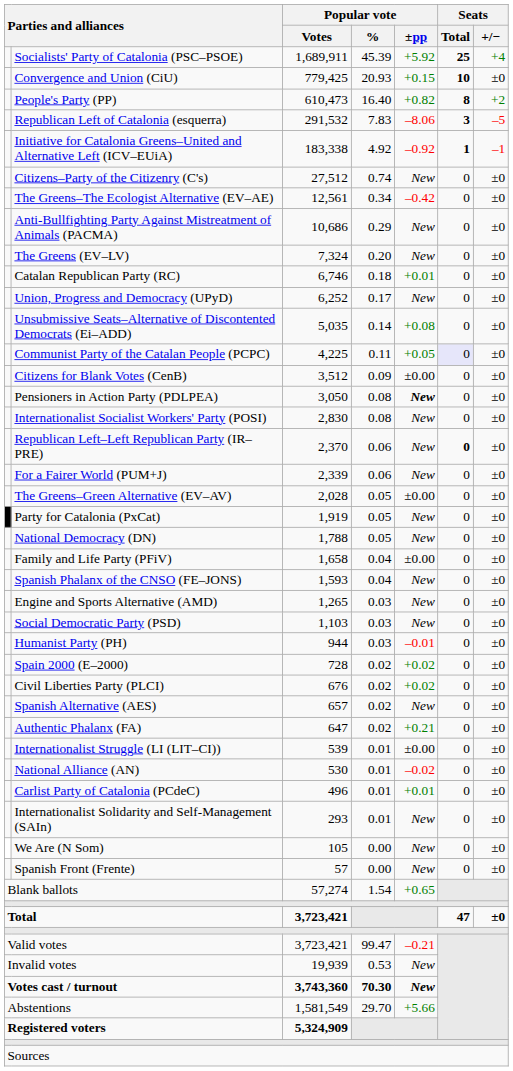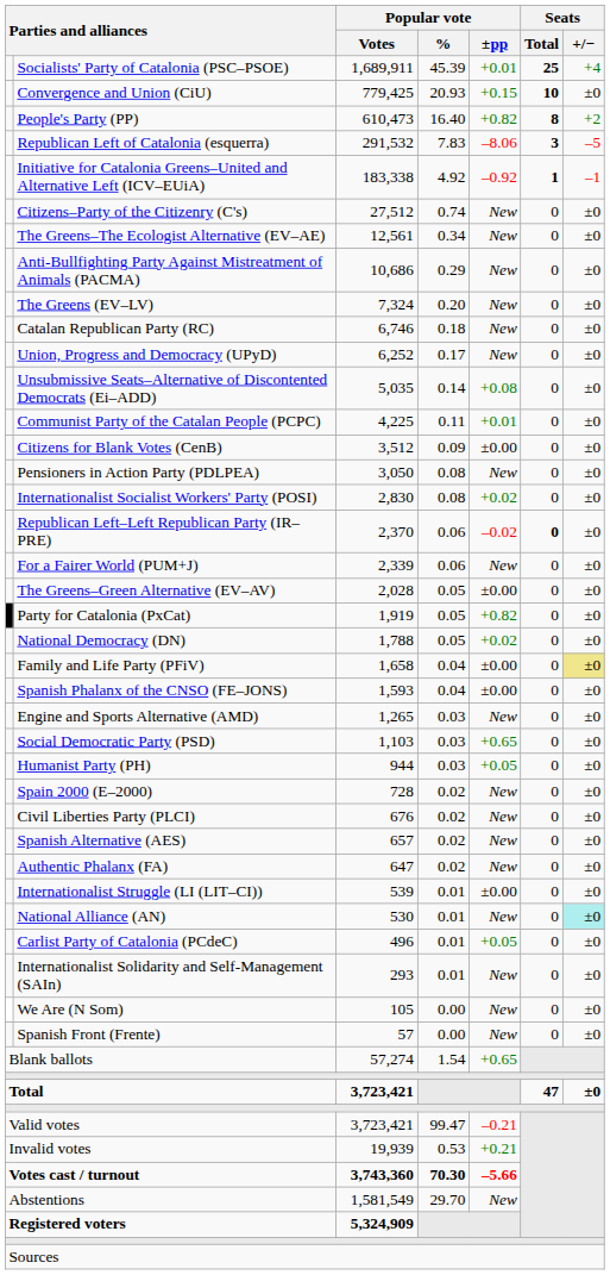 <table class="wikitable" style="text-align:right;">
 <tr>
 <th style="text-align:left;" rowspan="2" colspan="2" width="525">Parties and alliances</th>
 <th colspan="3">Popular vote</th>
 <th colspan="2">Seats</th>
 </tr>
 <tr>
 <th width="75">Votes</th>
 <th width="45">%</th>
 <th width="45">±<a href='#'>pp</a></th>
 <th width="35">Total</th>
 <th width="35">+/−</th>
 </tr>
 <tr>
 <td width="1" style="color:inherit;background:"></td>
 <td align="left"><a href='#'>Socialists' Party of Catalonia</a> (PSC–PSOE)</td>
 <td>1,689,911</td>
 <td>45.39</td>
-<td style="color:green;">+5.92</td>
+<td style="color:green;">+0.01</td>
 <td><strong>25</strong></td>
 <td style="color:green;">+4</td>
 </tr>
 <tr>
 <td style="color:inherit;background:"></td>
 <td align="left"><a href='#'>Convergence and Union</a> (CiU)</td>
 <td>779,425</td>
 <td>20.93</td>
 <td style="color:green;">+0.15</td>
 <td><strong>10</strong></td>
 <td>±0</td>
 </tr>
 <tr>
 <td style="color:inherit;background:"></td>
 <td align="left"><a href='#'>People's Party</a> (PP)</td>
 <td>610,473</td>
 <td>16.40</td>
 <td style="color:green;">+0.82</td>
 <td><strong>8</strong></td>
 <td style="color:green;">+2</td>
 </tr>
 <tr>
 <td style="color:inherit;background:"></td>
 <td align="left"><a href='#'>Republican Left of Catalonia</a> (esquerra)</td>
 <td>291,532</td>
 <td>7.83</td>
 <td style="color:red;">–8.06</td>
 <td><strong>3</strong></td>
 <td style="color:red;">–5</td>
 </tr>
 <tr>
 <td style="color:inherit;background:"></td>
 <td align="left"><a href='#'>Initiative for Catalonia Greens–United and Alternative Left</a> (ICV–EUiA)</td>
 <td>183,338</td>
 <td>4.92</td>
 <td style="color:red;">–0.92</td>
 <td><strong>1</strong></td>
 <td style="color:red;">–1</td>
 </tr>
 <tr>
 <td style="color:inherit;background:"></td>
 <td align="left"><a href='#'>Citizens–Party of the Citizenry</a> (C's)</td>
 <td>27,512</td>
 <td>0.74</td>
 <td><em>New</em></td>
 <td>0</td>
 <td>±0</td>
 </tr>
 <tr>
 <td style="color:inherit;background:"></td>
 <td align="left"><a href='#'>The Greens–The Ecologist Alternative</a> (EV–AE)</td>
 <td>12,561</td>
 <td>0.34</td>
-<td style="color:red;">–0.42</td>
+<td><em>New</em></td>
 <td>0</td>
 <td>±0</td>
 </tr>
 <tr>
 <td style="color:inherit;background:"></td>
 <td align="left"><a href='#'>Anti-Bullfighting Party Against Mistreatment of Animals</a> (PACMA)</td>
 <td>10,686</td>
 <td>0.29</td>
 <td><em>New</em></td>
 <td>0</td>
 <td>±0</td>
 </tr>
 <tr>
 <td style="color:inherit;background:"></td>
 <td align="left"><a href='#'>The Greens</a> (EV–LV)</td>
 <td>7,324</td>
 <td>0.20</td>
 <td><em>New</em></td>
 <td>0</td>
 <td>±0</td>
 </tr>
 <tr>
 <td style="color:inherit;background:"></td>
 <td align="left">Catalan Republican Party (RC)</td>
 <td>6,746</td>
 <td>0.18</td>
-<td style="color:green;">+0.01</td>
+<td><em>New</em></td>
 <td>0</td>
 <td>±0</td>
 </tr>
 <tr>
 <td style="color:inherit;background:"></td>
 <td align="left"><a href='#'>Union, Progress and Democracy</a> (UPyD)</td>
 <td>6,252</td>
 <td>0.17</td>
 <td><em>New</em></td>
 <td>0</td>
 <td>±0</td>
 </tr>
 <tr>
 <td style="color:inherit;background:"></td>
 <td align="left"><a href='#'>Unsubmissive Seats–Alternative of Discontented Democrats</a> (Ei–ADD)</td>
 <td>5,035</td>
 <td>0.14</td>
 <td style="color:green;">+0.08</td>
 <td>0</td>
 <td>±0</td>
 </tr>
 <tr>
 <td style="color:inherit;background:"></td>
 <td align="left"><a href='#'>Communist Party of the Catalan People</a> (PCPC)</td>
 <td>4,225</td>
 <td>0.11</td>
-<td style="color:green;">+0.05</td>
-<td style="background: lavender;">0</td>
+<td style="color:green;">+0.01</td>
+<td>0</td>
 <td>±0</td>
 </tr>
 <tr>
 <td style="color:inherit;background:"></td>
 <td align="left"><a href='#'>Citizens for Blank Votes</a> (CenB)</td>
 <td>3,512</td>
 <td>0.09</td>
 <td>±0.00</td>
 <td>0</td>
 <td>±0</td>
 </tr>
 <tr>
 <td style="color:inherit;background:"></td>
 <td align="left">Pensioners in Action Party (PDLPEA)</td>
 <td>3,050</td>
 <td>0.08</td>
-<td><strong><em>New</em></strong></td>
+<td><em>New</em></td>
 <td>0</td>
 <td>±0</td>
 </tr>
 <tr>
 <td style="color:inherit;background:"></td>
 <td align="left"><a href='#'>Internationalist Socialist Workers' Party</a> (POSI)</td>
 <td>2,830</td>
 <td>0.08</td>
-<td><em>New</em></td>
+<td style="color:green;">+0.02</td>
 <td>0</td>
 <td>±0</td>
 </tr>
 <tr>
 <td style="color:inherit;background:"></td>
 <td align="left"><a href='#'>Republican Left–Left Republican Party</a> (IR–PRE)</td>
 <td>2,370</td>
 <td>0.06</td>
-<td><em>New</em></td>
+<td style="color:red;">–0.02</td>
 <td><strong>0</strong></td>
 <td>±0</td>
 </tr>
 <tr>
 <td style="color:inherit;background:"></td>
 <td align="left"><a href='#'>For a Fairer World</a> (PUM+J)</td>
 <td>2,339</td>
 <td>0.06</td>
 <td><em>New</em></td>
 <td>0</td>
 <td>±0</td>
 </tr>
 <tr>
 <td style="color:inherit;background:"></td>
 <td align="left"><a href='#'>The Greens–Green Alternative</a> (EV–AV)</td>
 <td>2,028</td>
 <td>0.05</td>
 <td>±0.00</td>
 <td>0</td>
 <td>±0</td>
 </tr>
 <tr>
 <td bgcolor="black"></td>
 <td align="left">Party for Catalonia (PxCat)</td>
 <td>1,919</td>
 <td>0.05</td>
-<td><em>New</em></td>
+<td style="color:green;">+0.82</td>
 <td>0</td>
 <td>±0</td>
 </tr>
 <tr>
 <td style="color:inherit;background:"></td>
 <td align="left"><a href='#'>National Democracy</a> (DN)</td>
 <td>1,788</td>
 <td>0.05</td>
-<td><em>New</em></td>
+<td style="color:green;">+0.02</td>
 <td>0</td>
 <td>±0</td>
 </tr>
 <tr>
 <td style="color:inherit;background:"></td>
 <td align="left">Family and Life Party (PFiV)</td>
 <td>1,658</td>
 <td>0.04</td>
 <td>±0.00</td>
 <td>0</td>
-<td>±0</td>
+<td style="background: khaki;">±0</td>
 </tr>
 <tr>
 <td style="color:inherit;background:"></td>
 <td align="left"><a href='#'>Spanish Phalanx of the CNSO</a> (FE–JONS)</td>
 <td>1,593</td>
 <td>0.04</td>
-<td><em>New</em></td>
+<td>±0.00</td>
 <td>0</td>
 <td>±0</td>
 </tr>
 <tr>
 <td style="color:inherit;background:"></td>
 <td align="left">Engine and Sports Alternative (AMD)</td>
 <td>1,265</td>
 <td>0.03</td>
 <td><em>New</em></td>
 <td>0</td>
 <td>±0</td>
 </tr>
 <tr>
 <td style="color:inherit;background:"></td>
 <td align="left"><a href='#'>Social Democratic Party</a> (PSD)</td>
 <td>1,103</td>
 <td>0.03</td>
-<td><em>New</em></td>
+<td style="color:green;">+0.65</td>
 <td>0</td>
 <td>±0</td>
 </tr>
 <tr>
 <td style="color:inherit;background:"></td>
 <td align="left"><a href='#'>Humanist Party</a> (PH)</td>
 <td>944</td>
 <td>0.03</td>
-<td style="color:red;">–0.01</td>
+<td style="color:green;">+0.05</td>
 <td>0</td>
 <td>±0</td>
 </tr>
 <tr>
 <td style="color:inherit;background:"></td>
 <td align="left"><a href='#'>Spain 2000</a> (E–2000)</td>
 <td>728</td>
 <td>0.02</td>
-<td style="color:green;">+0.02</td>
+<td><em>New</em></td>
 <td>0</td>
 <td>±0</td>
 </tr>
 <tr>
 <td style="color:inherit;background:"></td>
 <td align="left">Civil Liberties Party (PLCI)</td>
 <td>676</td>
 <td>0.02</td>
-<td style="color:green;">+0.02</td>
+<td><em>New</em></td>
 <td>0</td>
 <td>±0</td>
 </tr>
 <tr>
 <td style="color:inherit;background:"></td>
 <td align="left"><a href='#'>Spanish Alternative</a> (AES)</td>
 <td>657</td>
 <td>0.02</td>
 <td><em>New</em></td>
 <td>0</td>
 <td>±0</td>
 </tr>
 <tr>
 <td style="color:inherit;background:"></td>
 <td align="left"><a href='#'>Authentic Phalanx</a> (FA)</td>
 <td>647</td>
 <td>0.02</td>
-<td style="color:green;">+0.21</td>
+<td><em>New</em></td>
 <td>0</td>
 <td>±0</td>
 </tr>
 <tr>
 <td style="color:inherit;background:"></td>
 <td align="left"><a href='#'>Internationalist Struggle</a> (LI (LIT–CI))</td>
 <td>539</td>
 <td>0.01</td>
 <td>±0.00</td>
 <td>0</td>
 <td>±0</td>
 </tr>
 <tr>
 <td style="color:inherit;background:"></td>
 <td align="left"><a href='#'>National Alliance</a> (AN)</td>
 <td>530</td>
 <td>0.01</td>
-<td style="color:red;">–0.02</td>
+<td><em>New</em></td>
 <td>0</td>
-<td>±0</td>
+<td style="background: paleturquoise;">±0</td>
 </tr>
 <tr>
 <td style="color:inherit;background:"></td>
 <td align="left"><a href='#'>Carlist Party of Catalonia</a> (PCdeC)</td>
 <td>496</td>
 <td>0.01</td>
-<td style="color:green;">+0.01</td>
+<td style="color:green;">+0.05</td>
 <td>0</td>
 <td>±0</td>
 </tr>
 <tr>
 <td style="color:inherit;background:"></td>
 <td align="left">Internationalist Solidarity and Self-Management (SAIn)</td>
 <td>293</td>
 <td>0.01</td>
 <td><em>New</em></td>
 <td>0</td>
 <td>±0</td>
 </tr>
 <tr>
 <td bgcolor="white"></td>
 <td align="left">We Are (N Som)</td>
 <td>105</td>
 <td>0.00</td>
 <td><em>New</em></td>
 <td>0</td>
 <td>±0</td>
 </tr>
 <tr>
 <td style="color:inherit;background:"></td>
 <td align="left">Spanish Front (Frente)</td>
 <td>57</td>
 <td>0.00</td>
 <td><em>New</em></td>
 <td>0</td>
 <td>±0</td>
 </tr>
 <tr>
 <td align="left" colspan="2">Blank ballots</td>
 <td>57,274</td>
 <td>1.54</td>
 <td style="color:green;">+0.65</td>
 <td bgcolor="#E9E9E9" colspan="2"></td>
 </tr>
 <tr>
 <td colspan="7" bgcolor="#E9E9E9"></td>
 </tr>
 <tr style="font-weight:bold;">
 <td align="left" colspan="2">Total</td>
 <td>3,723,421</td>
 <td bgcolor="#E9E9E9" colspan="2"></td>
 <td>47</td>
 <td>±0</td>
 </tr>
 <tr>
 <td colspan="7" bgcolor="#E9E9E9"></td>
 </tr>
 <tr>
 <td align="left" colspan="2">Valid votes</td>
 <td>3,723,421</td>
 <td>99.47</td>
 <td style="color:red;">–0.21</td>
 <td bgcolor="#E9E9E9" colspan="2" rowspan="5"></td>
 </tr>
 <tr>
 <td align="left" colspan="2">Invalid votes</td>
 <td>19,939</td>
 <td>0.53</td>
-<td><em>New</em></td>
+<td style="color:green;">+0.21</td>
 </tr>
 <tr style="font-weight:bold;">
 <td align="left" colspan="2">Votes cast / turnout</td>
 <td>3,743,360</td>
 <td>70.30</td>
-<td><em>New</em></td>
+<td style="color:red;">–5.66</td>
 </tr>
 <tr>
 <td align="left" colspan="2">Abstentions</td>
 <td>1,581,549</td>
 <td>29.70</td>
-<td style="color:green;">+5.66</td>
+<td><em>New</em></td>
 </tr>
 <tr style="font-weight:bold;">
 <td align="left" colspan="2">Registered voters</td>
 <td>5,324,909</td>
 <td bgcolor="#E9E9E9" colspan="2"></td>
 </tr>
 <tr>
 <td colspan="7" bgcolor="#E9E9E9"></td>
 </tr>
 <tr>
 <td align="left" colspan="7">Sources</td>
 </tr>
 </table>
